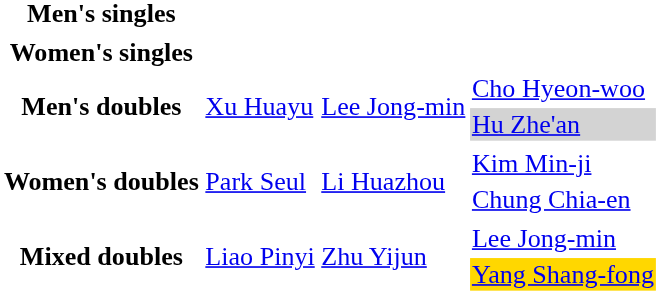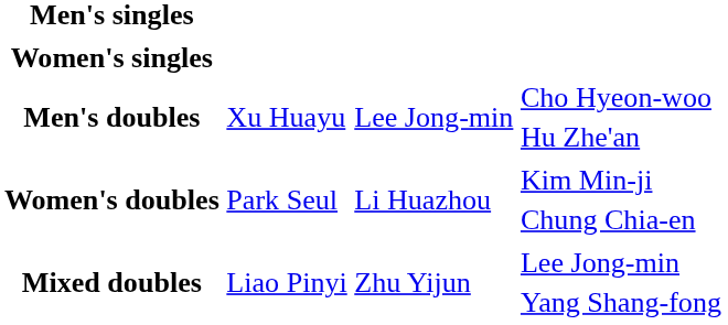 <table>
 <tr>
 <th scope=row rowspan=2>Men's singles<br></th>
 <td rowspan=2></td>
 <td rowspan=2></td>
 <td></td>
 </tr>
 <tr>
 <td></td>
 </tr>
 <tr>
 </tr>
 <tr>
 <th scope=row rowspan=2>Women's singles<br></th>
 <td rowspan=2></td>
 <td rowspan=2></td>
 <td></td>
 </tr>
 <tr>
 <td></td>
 </tr>
 <tr |->
 <th scope=row rowspan=2>Men's doubles<br></th>
 <td rowspan=2><a href='#'>Xu Huayu</a><br></td>
 <td rowspan=2><a href='#'>Lee Jong-min</a><br></td>
 <td><a href='#'>Cho Hyeon-woo</a><br></td>
 </tr>
 <tr>
-<td style="background: lightgrey;"><a href='#'>Hu Zhe'an</a><br></td>
+<td><a href='#'>Hu Zhe'an</a><br></td>
 </tr>
 <tr>
 </tr>
 <tr>
 <th scope=row rowspan=2>Women's doubles<br></th>
 <td rowspan=2><a href='#'>Park Seul</a><br></td>
 <td rowspan=2><a href='#'>Li Huazhou</a><br></td>
 <td><a href='#'>Kim Min-ji</a><br></td>
 </tr>
 <tr>
 <td><a href='#'>Chung Chia-en</a><br></td>
 </tr>
 <tr>
 </tr>
 <tr>
 <th scope=row rowspan=2>Mixed doubles<br></th>
 <td rowspan=2><a href='#'>Liao Pinyi</a><br></td>
 <td rowspan=2><a href='#'>Zhu Yijun</a><br></td>
 <td><a href='#'>Lee Jong-min</a><br></td>
 </tr>
 <tr>
-<td style="background: gold;"><a href='#'>Yang Shang-fong</a><br></td>
+<td><a href='#'>Yang Shang-fong</a><br></td>
 </tr>
 </table>
